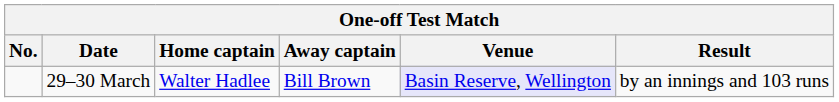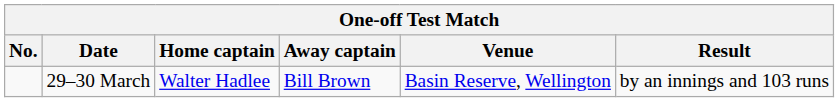 <table class="wikitable">
 <tr>
 <th colspan="9">One-off Test Match</th>
 </tr>
 <tr>
 <th>No.</th>
 <th>Date</th>
 <th>Home captain</th>
 <th>Away captain</th>
 <th>Venue</th>
 <th>Result</th>
 </tr>
 <tr>
 <td></td>
 <td>29–30 March</td>
 <td><a href='#'>Walter Hadlee</a></td>
 <td><a href='#'>Bill Brown</a></td>
-<td style="background: lavender;"><a href='#'>Basin Reserve</a>, <a href='#'>Wellington</a></td>
+<td><a href='#'>Basin Reserve</a>, <a href='#'>Wellington</a></td>
 <td> by an innings and 103 runs</td>
 </tr>
 </table>
